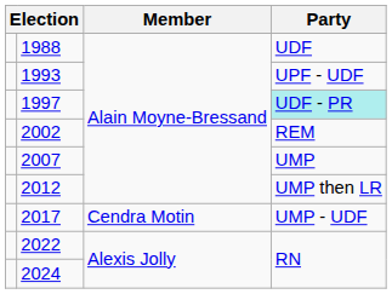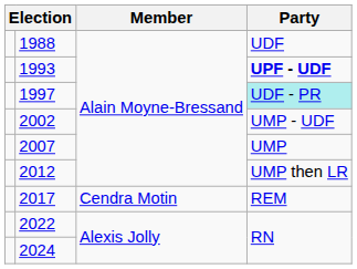 <table class="wikitable">
 <tr>
 <th colspan="2">Election</th>
 <th>Member</th>
 <th>Party</th>
 </tr>
 <tr>
 <td style="color:inherit;background-color:"></td>
 <td><a href='#'>1988</a></td>
 <td rowspan="6"><a href='#'>Alain Moyne-Bressand</a><br>   </td>
 <td><a href='#'>UDF</a></td>
 </tr>
 <tr>
 <td style="color:inherit;background-color:"></td>
 <td><a href='#'>1993</a></td>
-<td><a href='#'>UPF</a> - <a href='#'>UDF</a></td>
+<td><strong><a href='#'>UPF</a> - <a href='#'>UDF</a></strong></td>
 </tr>
 <tr>
 <td style="color:inherit;background-color:"></td>
 <td><a href='#'>1997</a></td>
 <td style="background: paleturquoise;"><a href='#'>UDF</a> - <a href='#'>PR</a></td>
 </tr>
 <tr>
 <td style="color:inherit;background-color:"></td>
 <td><a href='#'>2002</a></td>
-<td><a href='#'>REM</a></td>
+<td><a href='#'>UMP</a> - <a href='#'>UDF</a></td>
 </tr>
 <tr>
 <td style="color:inherit;background-color:"></td>
 <td><a href='#'>2007</a></td>
 <td><a href='#'>UMP</a></td>
 </tr>
 <tr>
 <td style="color:inherit;background-color:"></td>
 <td><a href='#'>2012</a></td>
 <td><a href='#'>UMP</a> then <a href='#'>LR</a></td>
 </tr>
 <tr>
 <td style="color:inherit;background-color: "></td>
 <td><a href='#'>2017</a></td>
 <td><a href='#'>Cendra Motin</a></td>
-<td><a href='#'>UMP</a> - <a href='#'>UDF</a></td>
+<td><a href='#'>REM</a></td>
 </tr>
 <tr>
 <td style="color:inherit;background-color: "></td>
 <td><a href='#'>2022</a></td>
 <td rowspan="2"><a href='#'>Alexis Jolly</a></td>
 <td rowspan="2"><a href='#'>RN</a></td>
 </tr>
 <tr>
 <td style="color:inherit;background-color: "></td>
 <td><a href='#'>2024</a></td>
 </tr>
 </table>
